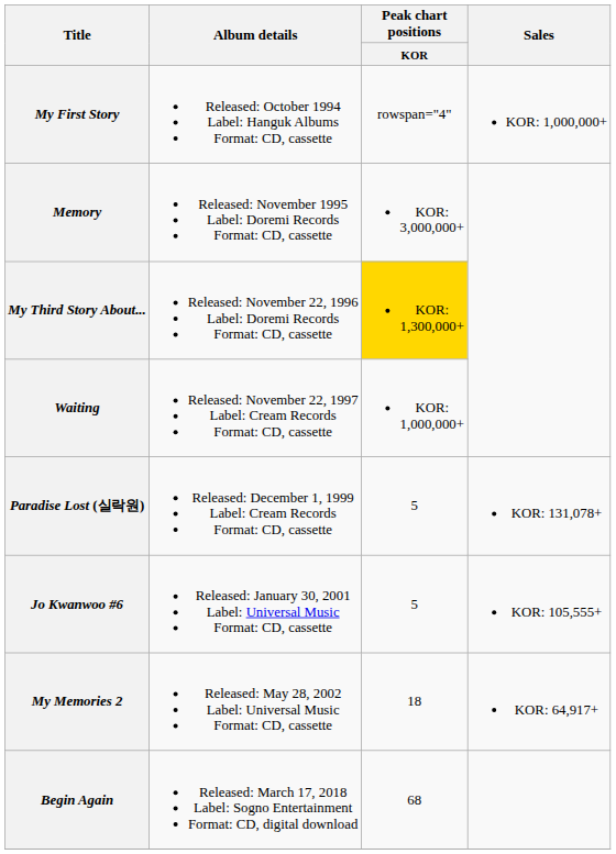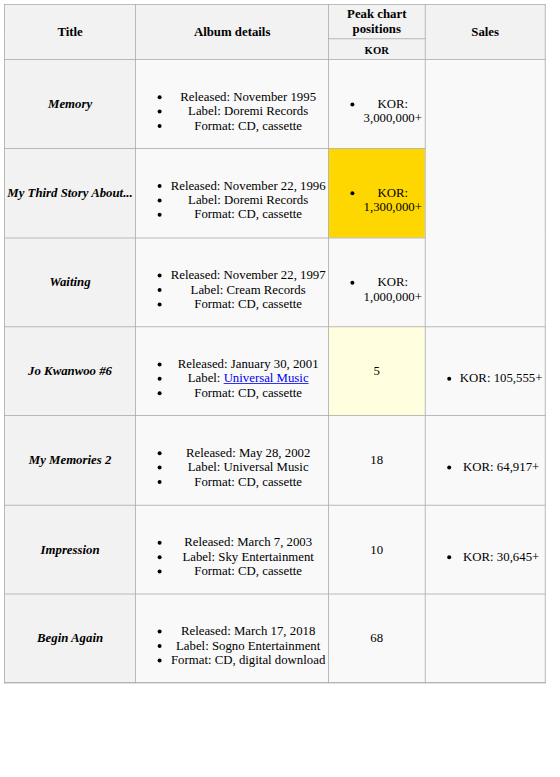 <table class="wikitable plainrowheaders" style="text-align:center;">
 <tr>
 <th rowspan="2" scope="col">Title</th>
 <th rowspan="2" scope="col">Album details</th>
 <th colspan="1" scope="col" style="width:5em;">Peak chart positions</th>
 <th rowspan="2" scope="col">Sales</th>
 </tr>
 <tr>
 <th><small>KOR</small><br></th>
-</tr>
-<tr>
-<th scope="row"><em>My First Story</em></th>
-<td><br><ul><li>Released: October 1994</li><li>Label: Hanguk Albums</li><li>Format: CD, cassette</li></ul></td>
-<td>rowspan="4" </td>
-<td><br><ul><li>KOR: 1,000,000+</li></ul></td>
 </tr>
 <tr>
 <th scope="row"><em>Memory</em></th>
 <td><br><ul><li>Released: November 1995</li><li>Label: Doremi Records</li><li>Format: CD, cassette</li></ul></td>
 <td><br><ul><li>KOR: 3,000,000+</li></ul></td>
 </tr>
 <tr>
 <th scope="row"><em>My Third Story About...</em></th>
 <td><br><ul><li>Released: November 22, 1996</li><li>Label: Doremi Records</li><li>Format: CD, cassette</li></ul></td>
 <td style="background: gold;"><br><ul><li>KOR: 1,300,000+</li></ul></td>
 </tr>
 <tr>
 <th scope="row"><em>Waiting</em></th>
 <td><br><ul><li>Released: November 22, 1997</li><li>Label: Cream Records</li><li>Format: CD, cassette</li></ul></td>
 <td><br><ul><li>KOR: 1,000,000+</li></ul></td>
 </tr>
 <tr>
-<th scope="row"><em>Paradise Lost</em> (실락원)</th>
-<td><br><ul><li>Released: December 1, 1999</li><li>Label: Cream Records</li><li>Format: CD, cassette</li></ul></td>
-<td>5</td>
-<td><br><ul><li>KOR: 131,078+</li></ul></td>
-</tr>
-<tr>
 <th scope="row"><em>Jo Kwanwoo #6</em></th>
 <td><br><ul><li>Released: January 30, 2001</li><li>Label: <a href='#'>Universal Music</a></li><li>Format: CD, cassette</li></ul></td>
-<td>5</td>
+<td style="background: lightyellow;">5</td>
 <td><br><ul><li>KOR: 105,555+</li></ul></td>
 </tr>
 <tr>
 <th scope="row"><em>My Memories 2</em></th>
 <td><br><ul><li>Released: May 28, 2002</li><li>Label: Universal Music</li><li>Format: CD, cassette</li></ul></td>
 <td>18</td>
 <td><br><ul><li>KOR: 64,917+</li></ul></td>
+</tr>
+<tr>
+<th scope="row"><em>Impression</em></th>
+<td><br><ul><li>Released: March 7, 2003</li><li>Label: Sky Entertainment</li><li>Format: CD, cassette</li></ul></td>
+<td>10</td>
+<td><br><ul><li>KOR: 30,645+</li></ul></td>
 </tr>
 <tr>
 <th scope="row"><em>Begin Again</em></th>
 <td><br><ul><li>Released: March 17, 2018</li><li>Label: Sogno Entertainment</li><li>Format: CD, digital download</li></ul></td>
 <td>68</td>
 <td></td>
 </tr>
 <tr>
 </tr>
 </table>
